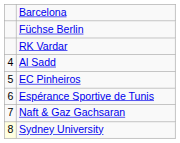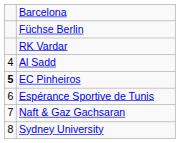 <table class="wikitable" width="260px">
 <tr>
 <td align=center></td>
 <td> <a href='#'>Barcelona</a></td>
 </tr>
 <tr>
 <td align=center></td>
 <td> <a href='#'>Füchse Berlin</a></td>
 </tr>
 <tr>
 <td align=center></td>
 <td> <a href='#'>RK Vardar</a></td>
 </tr>
 <tr>
 <td align=center>4</td>
 <td> <a href='#'>Al Sadd</a></td>
 </tr>
 <tr>
-<td align=center>5</td>
+<td align=center><strong>5</strong></td>
 <td> <a href='#'>EC Pinheiros</a></td>
 </tr>
 <tr>
 <td align=center>6</td>
 <td> <a href='#'>Espérance Sportive de Tunis</a></td>
 </tr>
 <tr>
 <td align=center>7</td>
 <td> <a href='#'>Naft & Gaz Gachsaran</a></td>
 </tr>
 <tr>
-<td align=center style="background: lightyellow;">8</td>
+<td align=center>8</td>
 <td> <a href='#'>Sydney University</a></td>
 </tr>
 </table>
